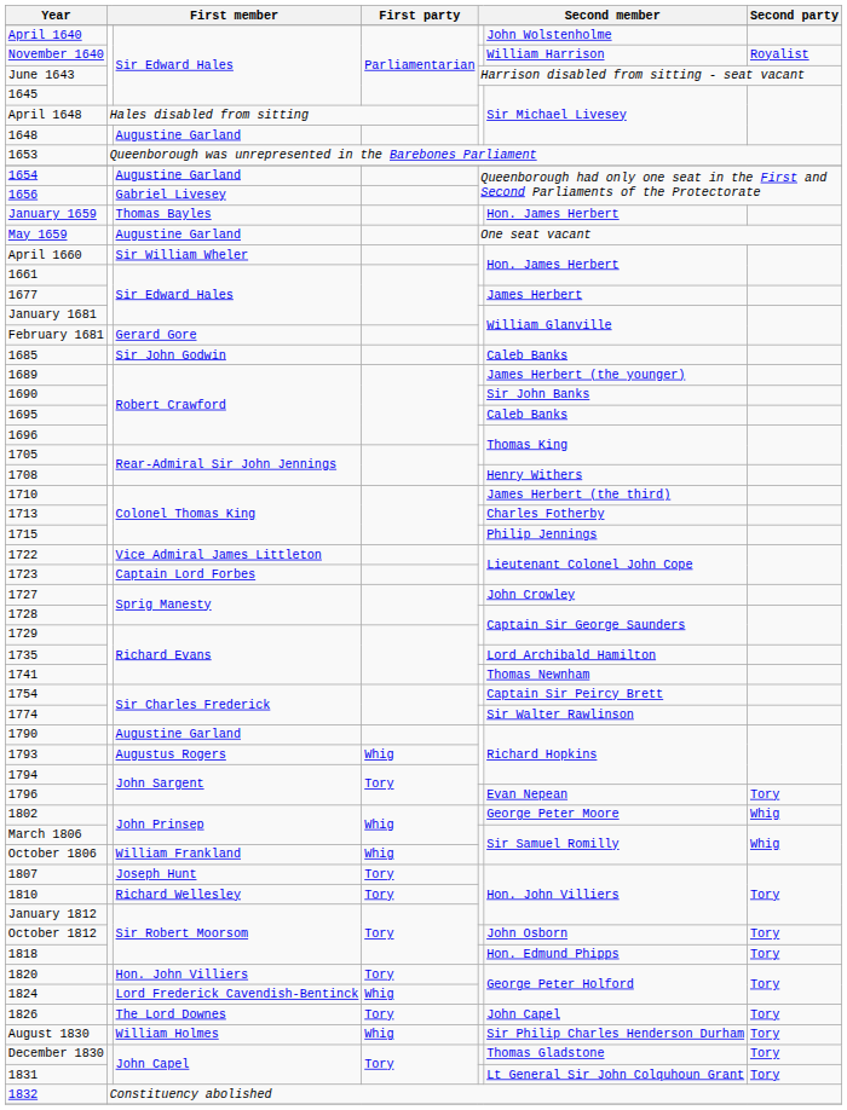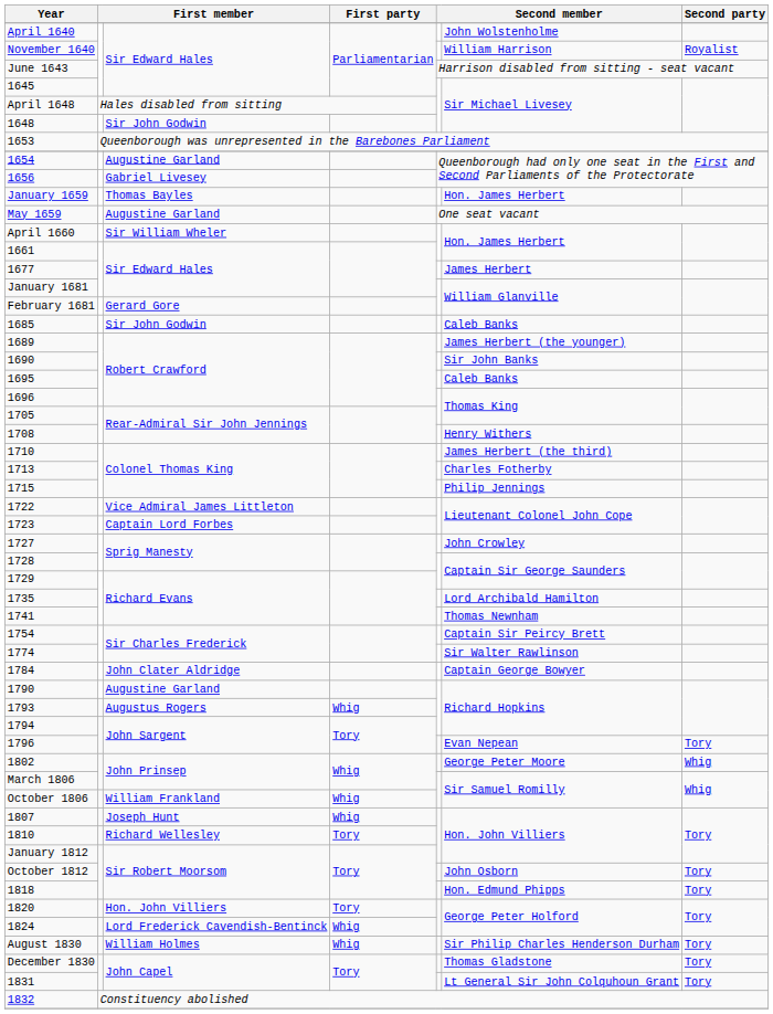 <table class="wikitable">
 <tr>
 <th>Year</th>
 <th colspan="2">First member</th>
 <th>First party</th>
 <th colspan="2">Second member</th>
 <th>Second party</th>
 </tr>
 <tr>
 </tr>
 <tr>
 <td><a href='#'>April 1640</a></td>
 <td rowspan="4" style="color:inherit;background-color: white"></td>
 <td rowspan="4"><a href='#'>Sir Edward Hales</a></td>
 <td rowspan="4"><a href='#'>Parliamentarian</a></td>
 <td style="color:inherit;background-color: white"></td>
 <td><a href='#'>John Wolstenholme</a></td>
 <td></td>
 </tr>
 <tr>
 <td><a href='#'>November 1640</a></td>
 <td style="color:inherit;background-color: white"></td>
 <td><a href='#'>William Harrison</a></td>
 <td><a href='#'>Royalist</a></td>
 </tr>
 <tr>
 <td>June 1643</td>
 <td colspan="3"><em>Harrison disabled from sitting - seat vacant</em></td>
 </tr>
 <tr>
 <td>1645</td>
 <td rowspan="3" style="color:inherit;background-color: white"></td>
 <td rowspan="3"><a href='#'>Sir Michael Livesey</a></td>
 <td rowspan="3"></td>
 </tr>
 <tr>
 <td>April 1648</td>
 <td colspan="3"><em>Hales disabled from sitting</em></td>
 </tr>
 <tr>
 <td>1648</td>
 <td style="color:inherit;background-color: white"></td>
-<td><a href='#'>Augustine Garland</a></td>
+<td><a href='#'>Sir John Godwin</a></td>
 <td></td>
 </tr>
 <tr>
 <td>1653</td>
 <td colspan="6"><em>Queenborough was unrepresented in the <a href='#'>Barebones Parliament</a></em></td>
 </tr>
 <tr>
 </tr>
 <tr>
 <td><a href='#'>1654</a></td>
 <td style="color:inherit;background-color: white"></td>
 <td><a href='#'>Augustine Garland</a></td>
 <td></td>
 <td rowspan="2" colspan="3"><em>Queenborough had only one seat in the <a href='#'>First</a>  and <br><a href='#'>Second</a> Parliaments of the Protectorate</em></td>
 </tr>
 <tr>
 <td><a href='#'>1656</a></td>
 <td style="color:inherit;background-color: white"></td>
 <td><a href='#'>Gabriel Livesey</a></td>
 <td></td>
 </tr>
 <tr>
 <td><a href='#'>January 1659</a></td>
 <td style="color:inherit;background-color: white"></td>
 <td><a href='#'>Thomas Bayles</a></td>
 <td></td>
 <td style="color:inherit;background-color: white"></td>
 <td><a href='#'>Hon. James Herbert</a></td>
 <td></td>
 </tr>
 <tr>
 <td><a href='#'>May 1659</a></td>
 <td style="color:inherit;background-color: white"></td>
 <td><a href='#'>Augustine Garland</a></td>
 <td></td>
 <td colspan="3"><em>One seat vacant</em></td>
 </tr>
 <tr>
 <td>April 1660</td>
 <td style="color:inherit;background-color: white"></td>
 <td><a href='#'>Sir William Wheler</a></td>
 <td></td>
 <td rowspan="2" style="color:inherit;background-color: white"></td>
 <td rowspan="2"><a href='#'>Hon. James Herbert</a></td>
 <td rowspan="2"></td>
 </tr>
 <tr>
 <td>1661</td>
 <td rowspan="3" style="color:inherit;background-color: white"></td>
 <td rowspan="3"><a href='#'>Sir Edward Hales</a></td>
 <td rowspan="3"></td>
 </tr>
 <tr>
 <td>1677</td>
 <td style="color:inherit;background-color: white"></td>
 <td><a href='#'>James Herbert</a></td>
 <td></td>
 </tr>
 <tr>
 <td>January 1681</td>
 <td rowspan="2" style="color:inherit;background-color: white"></td>
 <td rowspan="2"><a href='#'>William Glanville</a></td>
 <td rowspan="2"></td>
 </tr>
 <tr>
 <td>February 1681</td>
 <td style="color:inherit;background-color: white"></td>
 <td><a href='#'>Gerard Gore</a></td>
 <td></td>
 </tr>
 <tr>
 <td>1685</td>
 <td style="color:inherit;background-color: white"></td>
 <td><a href='#'>Sir John Godwin</a></td>
 <td></td>
 <td style="color:inherit;background-color: white"></td>
 <td><a href='#'>Caleb Banks</a></td>
 <td></td>
 </tr>
 <tr>
 <td>1689</td>
 <td rowspan="4" style="color:inherit;background-color: white"></td>
 <td rowspan="4"><a href='#'>Robert Crawford</a></td>
 <td rowspan="4"></td>
 <td style="color:inherit;background-color: white"></td>
 <td><a href='#'>James Herbert (the younger)</a></td>
 <td></td>
 </tr>
 <tr>
 <td>1690</td>
 <td style="color:inherit;background-color: white"></td>
 <td><a href='#'>Sir John Banks</a></td>
 <td></td>
 </tr>
 <tr>
 <td>1695</td>
 <td style="color:inherit;background-color: white"></td>
 <td><a href='#'>Caleb Banks</a></td>
 <td></td>
 </tr>
 <tr>
 <td>1696</td>
 <td rowspan="2" style="color:inherit;background-color: white"></td>
 <td rowspan="2"><a href='#'>Thomas King</a></td>
 <td rowspan="2"></td>
 </tr>
 <tr>
 <td>1705</td>
 <td rowspan="2" style="color:inherit;background-color: white"></td>
 <td rowspan="2"><a href='#'>Rear-Admiral Sir John Jennings</a></td>
 <td rowspan="2"></td>
 </tr>
 <tr>
 <td>1708</td>
 <td style="color:inherit;background-color: white"></td>
 <td><a href='#'>Henry Withers</a></td>
 <td></td>
 </tr>
 <tr>
 <td>1710</td>
 <td rowspan="3" style="color:inherit;background-color: white"></td>
 <td rowspan="3"><a href='#'>Colonel Thomas King</a></td>
 <td rowspan="3"></td>
 <td style="color:inherit;background-color: white"></td>
 <td><a href='#'>James Herbert (the third)</a></td>
 <td></td>
 </tr>
 <tr>
 <td>1713</td>
 <td style="color:inherit;background-color: white"></td>
 <td><a href='#'>Charles Fotherby</a></td>
 <td></td>
 </tr>
 <tr>
 <td>1715</td>
 <td style="color:inherit;background-color: white"></td>
 <td><a href='#'>Philip Jennings</a></td>
 <td></td>
 </tr>
 <tr>
 <td>1722</td>
 <td style="color:inherit;background-color: white"></td>
 <td><a href='#'>Vice Admiral James Littleton</a></td>
 <td></td>
 <td rowspan="2" style="color:inherit;background-color: white"></td>
 <td rowspan="2"><a href='#'>Lieutenant Colonel John Cope</a></td>
 <td rowspan="2"></td>
 </tr>
 <tr>
 <td>1723</td>
 <td style="color:inherit;background-color: white"></td>
 <td><a href='#'>Captain Lord Forbes</a></td>
 <td></td>
 </tr>
 <tr>
 <td>1727</td>
 <td rowspan="2" style="color:inherit;background-color: white"></td>
 <td rowspan="2"><a href='#'>Sprig Manesty</a></td>
 <td rowspan="2"></td>
 <td style="color:inherit;background-color: white"></td>
 <td><a href='#'>John Crowley</a></td>
 <td></td>
 </tr>
 <tr>
 <td>1728</td>
 <td rowspan="2" style="color:inherit;background-color: white"></td>
 <td rowspan="2"><a href='#'>Captain Sir George Saunders</a></td>
 <td rowspan="2"></td>
 </tr>
 <tr>
 <td>1729</td>
 <td rowspan="3" style="color:inherit;background-color: white"></td>
 <td rowspan="3"><a href='#'>Richard Evans</a></td>
 <td rowspan="3"></td>
 </tr>
 <tr>
 <td>1735</td>
 <td style="color:inherit;background-color: white"></td>
 <td><a href='#'>Lord Archibald Hamilton</a></td>
 <td></td>
 </tr>
 <tr>
 <td>1741</td>
 <td style="color:inherit;background-color: white"></td>
 <td><a href='#'>Thomas Newnham</a></td>
 <td></td>
 </tr>
 <tr>
 <td>1754</td>
 <td rowspan="2" style="color:inherit;background-color: white"></td>
 <td rowspan="2"><a href='#'>Sir Charles Frederick</a></td>
 <td rowspan="2"></td>
 <td style="color:inherit;background-color: white"></td>
 <td><a href='#'>Captain Sir Peircy Brett</a></td>
 <td></td>
 </tr>
 <tr>
 <td>1774</td>
 <td style="color:inherit;background-color: white"></td>
 <td><a href='#'>Sir Walter Rawlinson</a></td>
 <td></td>
 </tr>
 <tr>
+<td>1784</td>
+<td style="color:inherit;background-color: white"></td>
+<td><a href='#'>John Clater Aldridge</a></td>
+<td></td>
+<td style="color:inherit;background-color: white"></td>
+<td><a href='#'>Captain George Bowyer</a></td>
+<td></td>
+</tr>
+<tr>
 <td>1790</td>
 <td style="color:inherit;background-color: white"></td>
 <td><a href='#'>Augustine Garland</a></td>
 <td></td>
 <td rowspan="3" style="color:inherit;background-color: white"></td>
 <td rowspan="3"><a href='#'>Richard Hopkins</a></td>
 <td rowspan="3"></td>
 </tr>
 <tr>
 <td>1793</td>
 <td style="color:inherit;background-color: "></td>
 <td><a href='#'>Augustus Rogers</a></td>
 <td><a href='#'>Whig</a></td>
 </tr>
 <tr>
 <td>1794</td>
 <td rowspan="2" style="color:inherit;background-color: "></td>
 <td rowspan="2"><a href='#'>John Sargent</a></td>
 <td rowspan="2"><a href='#'>Tory</a></td>
 </tr>
 <tr>
 <td>1796</td>
 <td style="color:inherit;background-color: "></td>
 <td><a href='#'>Evan Nepean</a></td>
 <td><a href='#'>Tory</a></td>
 </tr>
 <tr>
 <td>1802</td>
 <td rowspan="2" style="color:inherit;background-color: "></td>
 <td rowspan="2"><a href='#'>John Prinsep</a></td>
 <td rowspan="2"><a href='#'>Whig</a></td>
 <td style="color:inherit;background-color: "></td>
 <td><a href='#'>George Peter Moore</a></td>
 <td><a href='#'>Whig</a></td>
 </tr>
 <tr>
 <td>March 1806</td>
 <td rowspan="2" style="color:inherit;background-color: "></td>
 <td rowspan="2"><a href='#'>Sir Samuel Romilly</a></td>
 <td rowspan="2"><a href='#'>Whig</a></td>
 </tr>
 <tr>
 <td>October 1806</td>
 <td style="color:inherit;background-color: "></td>
 <td><a href='#'>William Frankland</a></td>
 <td><a href='#'>Whig</a></td>
 </tr>
 <tr>
 <td>1807</td>
 <td style="color:inherit;background-color: "></td>
 <td><a href='#'>Joseph Hunt</a></td>
-<td><a href='#'>Tory</a></td>
+<td><a href='#'>Whig</a></td>
 <td rowspan="3" style="color:inherit;background-color: "></td>
 <td rowspan="3"><a href='#'>Hon. John Villiers</a></td>
 <td rowspan="3"><a href='#'>Tory</a></td>
 </tr>
 <tr>
 <td>1810</td>
 <td style="color:inherit;background-color: "></td>
 <td><a href='#'>Richard Wellesley</a></td>
 <td><a href='#'>Tory</a></td>
 </tr>
 <tr>
 <td>January 1812</td>
 <td rowspan="3" style="color:inherit;background-color: "></td>
 <td rowspan="3"><a href='#'>Sir Robert Moorsom</a></td>
 <td rowspan="3"><a href='#'>Tory</a></td>
 </tr>
 <tr>
 <td>October 1812</td>
 <td style="color:inherit;background-color: "></td>
 <td><a href='#'>John Osborn</a></td>
 <td><a href='#'>Tory</a></td>
 </tr>
 <tr>
 <td>1818</td>
 <td style="color:inherit;background-color: "></td>
 <td><a href='#'>Hon. Edmund Phipps</a></td>
 <td><a href='#'>Tory</a></td>
 </tr>
 <tr>
 <td>1820</td>
 <td style="color:inherit;background-color: "></td>
 <td><a href='#'>Hon. John Villiers</a></td>
 <td><a href='#'>Tory</a></td>
 <td rowspan="2" style="color:inherit;background-color: "></td>
 <td rowspan="2"><a href='#'>George Peter Holford</a></td>
 <td rowspan="2"><a href='#'>Tory</a></td>
 </tr>
 <tr>
 <td>1824</td>
 <td style="color:inherit;background-color: "></td>
 <td><a href='#'>Lord Frederick Cavendish-Bentinck</a></td>
 <td><a href='#'>Whig</a></td>
 </tr>
 <tr>
-<td>1826</td>
-<td style="color:inherit;background-color: "></td>
-<td><a href='#'>The Lord Downes</a></td>
-<td><a href='#'>Tory</a></td>
-<td style="color:inherit;background-color: "></td>
-<td><a href='#'>John Capel</a></td>
-<td><a href='#'>Tory</a></td>
-</tr>
-<tr>
 <td>August 1830</td>
 <td style="color:inherit;background-color: "></td>
 <td><a href='#'>William Holmes</a></td>
 <td><a href='#'>Whig</a></td>
 <td style="color:inherit;background-color: "></td>
 <td><a href='#'>Sir Philip Charles Henderson Durham</a></td>
 <td><a href='#'>Tory</a></td>
 </tr>
 <tr>
 <td>December 1830</td>
 <td rowspan="2" style="color:inherit;background-color: "></td>
 <td rowspan="2"><a href='#'>John Capel</a></td>
 <td rowspan="2"><a href='#'>Tory</a></td>
 <td style="color:inherit;background-color: "></td>
 <td><a href='#'>Thomas Gladstone</a></td>
 <td><a href='#'>Tory</a></td>
 </tr>
 <tr>
 <td>1831</td>
 <td style="color:inherit;background-color: "></td>
 <td><a href='#'>Lt General Sir John Colquhoun Grant</a></td>
 <td><a href='#'>Tory</a></td>
 </tr>
 <tr>
 <td><a href='#'>1832</a></td>
 <td colspan="6"><em>Constituency abolished</em></td>
 </tr>
 <tr>
 </tr>
 </table>
